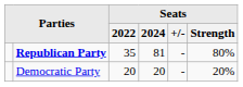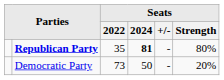 <table class=wikitable>
 <tr>
 <th style="background-color:#E9E9E9" align=center rowspan=2 colspan=2>Parties</th>
 <th style="background-color:#E9E9E9" align=center colspan=5>Seats</th>
 </tr>
 <tr bgcolor=#E9E9E9>
 <th>2022</th>
 <th>2024</th>
 <th>+/-</th>
 <th>Strength</th>
 </tr>
 <tr>
 <td style="background-color:"> </td>
 <td><strong><a href='#'>Republican Party</a></strong></td>
 <td align=right>35</td>
-<td align=right>81</td>
+<td align=right><strong>81</strong></td>
 <td align=right>-</td>
 <td align=right>80%</td>
 </tr>
 <tr>
 <td style="background-color:"> </td>
 <td><a href='#'>Democratic Party</a></td>
-<td align=right>20</td>
-<td align=right>20</td>
+<td align=right>73</td>
+<td align=right>50</td>
 <td align=right>-</td>
 <td align=right>20%</td>
 </tr>
 </table>
